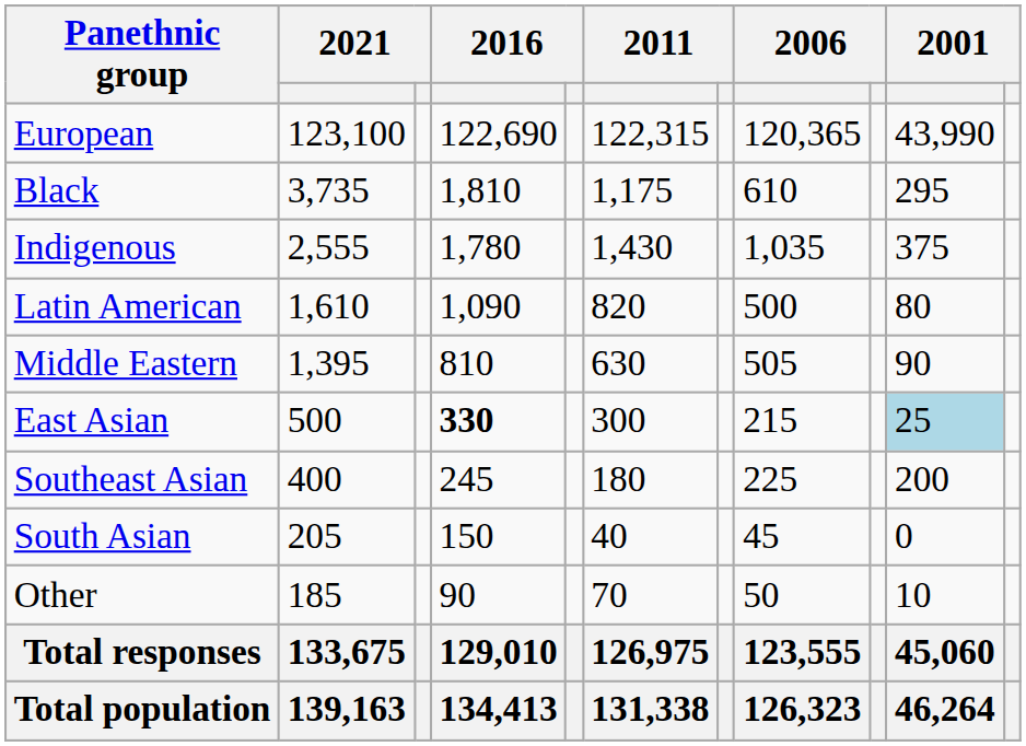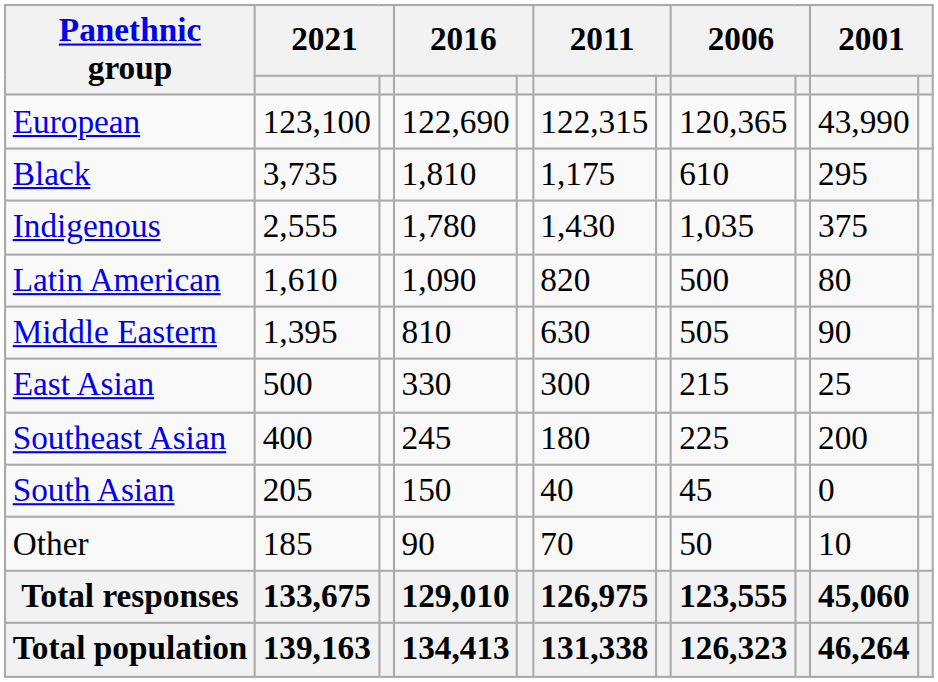 <table class="wikitable collapsible sortable">
 <tr>
 <th rowspan="2"><a href='#'>Panethnic</a><br>group</th>
 <th colspan="2">2021</th>
 <th colspan="2">2016</th>
 <th colspan="2">2011</th>
 <th colspan="2">2006</th>
 <th colspan="2">2001</th>
 </tr>
 <tr>
 <th><a href='#'></a></th>
 <th></th>
 <th></th>
 <th></th>
 <th></th>
 <th></th>
 <th></th>
 <th></th>
 <th></th>
 <th></th>
 </tr>
 <tr>
 <td><a href='#'>European</a></td>
 <td>123,100</td>
 <td></td>
 <td>122,690</td>
 <td></td>
 <td>122,315</td>
 <td></td>
 <td>120,365</td>
 <td></td>
 <td>43,990</td>
 <td></td>
 </tr>
 <tr>
 <td><a href='#'>Black</a></td>
 <td>3,735</td>
 <td></td>
 <td>1,810</td>
 <td></td>
 <td>1,175</td>
 <td></td>
 <td>610</td>
 <td></td>
 <td>295</td>
 <td></td>
 </tr>
 <tr>
 <td><a href='#'>Indigenous</a></td>
 <td>2,555</td>
 <td></td>
 <td>1,780</td>
 <td></td>
 <td>1,430</td>
 <td></td>
 <td>1,035</td>
 <td></td>
 <td>375</td>
 <td></td>
 </tr>
 <tr>
 <td><a href='#'>Latin American</a></td>
 <td>1,610</td>
 <td></td>
 <td>1,090</td>
 <td></td>
 <td>820</td>
 <td></td>
 <td>500</td>
 <td></td>
 <td>80</td>
 <td></td>
 </tr>
 <tr>
 <td><a href='#'>Middle Eastern</a></td>
 <td>1,395</td>
 <td></td>
 <td>810</td>
 <td></td>
 <td>630</td>
 <td></td>
 <td>505</td>
 <td></td>
 <td>90</td>
 <td></td>
 </tr>
 <tr>
 <td><a href='#'>East Asian</a></td>
 <td>500</td>
 <td></td>
-<td><strong>330</strong></td>
+<td>330</td>
 <td></td>
 <td>300</td>
 <td></td>
 <td>215</td>
 <td></td>
-<td style="background: lightblue;">25</td>
+<td>25</td>
 <td></td>
 </tr>
 <tr>
 <td><a href='#'>Southeast Asian</a></td>
 <td>400</td>
 <td></td>
 <td>245</td>
 <td></td>
 <td>180</td>
 <td></td>
 <td>225</td>
 <td></td>
 <td>200</td>
 <td></td>
 </tr>
 <tr>
 <td><a href='#'>South Asian</a></td>
 <td>205</td>
 <td></td>
 <td>150</td>
 <td></td>
 <td>40</td>
 <td></td>
 <td>45</td>
 <td></td>
 <td>0</td>
 <td></td>
 </tr>
 <tr>
 <td>Other</td>
 <td>185</td>
 <td></td>
 <td>90</td>
 <td></td>
 <td>70</td>
 <td></td>
 <td>50</td>
 <td></td>
 <td>10</td>
 <td></td>
 </tr>
 <tr>
 <th>Total responses</th>
 <th>133,675</th>
 <th></th>
 <th>129,010</th>
 <th></th>
 <th>126,975</th>
 <th></th>
 <th>123,555</th>
 <th></th>
 <th>45,060</th>
 <th></th>
 </tr>
 <tr>
 <th>Total population</th>
 <th>139,163</th>
 <th></th>
 <th>134,413</th>
 <th></th>
 <th>131,338</th>
 <th></th>
 <th>126,323</th>
 <th></th>
 <th>46,264</th>
 <th></th>
 </tr>
 </table>
